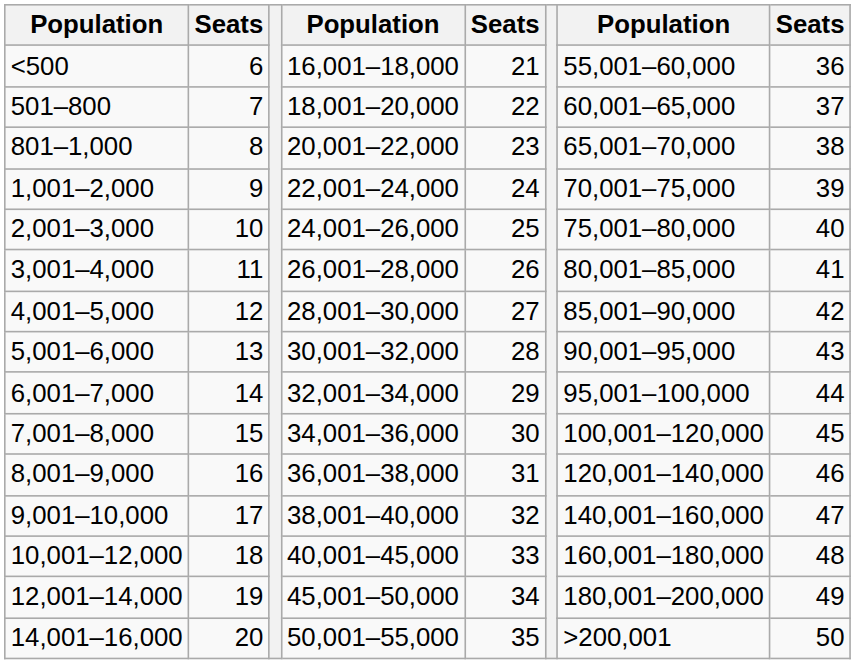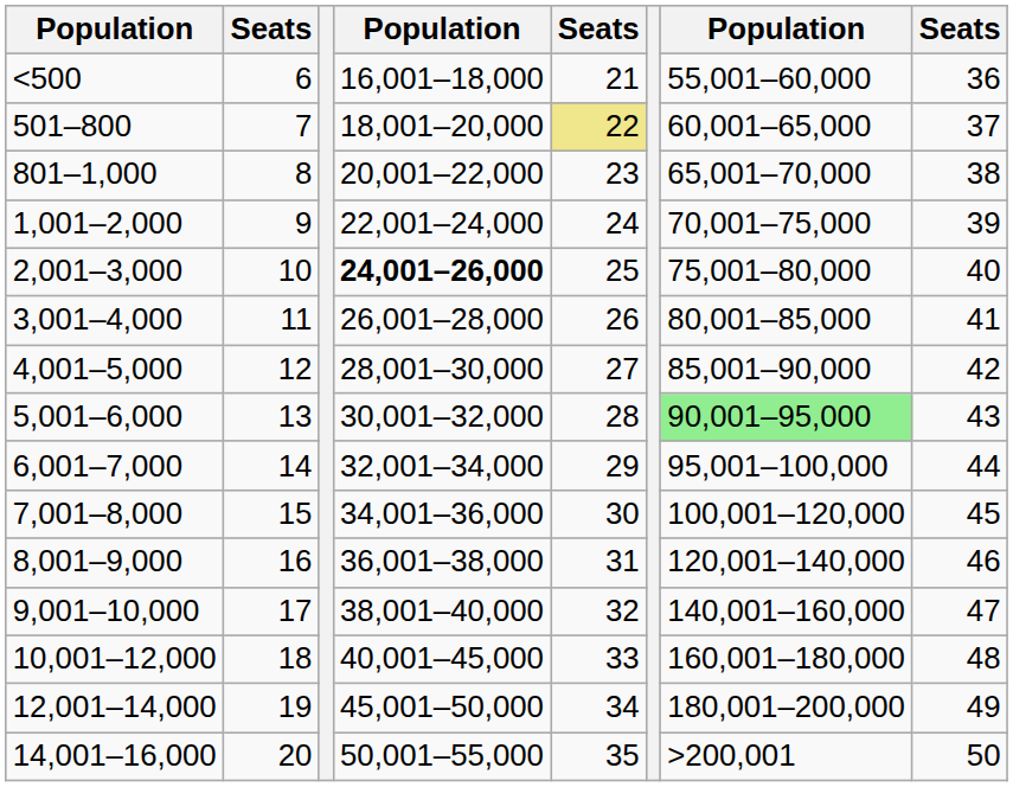 <table class="wikitable">
 <tr>
 <th>Population</th>
 <th>Seats</th>
 <th rowspan = "16"></th>
 <th>Population</th>
 <th>Seats</th>
 <th rowspan = "16"></th>
 <th>Population</th>
 <th>Seats</th>
 </tr>
 <tr>
 <td><500</td>
 <td style="text-align: right;">6</td>
 <td>16,001–18,000</td>
 <td style="text-align: right;">21</td>
 <td>55,001–60,000</td>
 <td style="text-align: right;">36</td>
 </tr>
 <tr>
 <td>501–800</td>
 <td style="text-align: right;">7</td>
 <td>18,001–20,000</td>
-<td style="text-align: right;">22</td>
+<td style="background: khaki; text-align: right;">22</td>
 <td>60,001–65,000</td>
 <td style="text-align: right;">37</td>
 </tr>
 <tr>
 <td>801–1,000</td>
 <td style="text-align: right;">8</td>
 <td>20,001–22,000</td>
 <td style="text-align: right;">23</td>
 <td>65,001–70,000</td>
 <td style="text-align: right;">38</td>
 </tr>
 <tr>
 <td>1,001–2,000</td>
 <td style="text-align: right;">9</td>
 <td>22,001–24,000</td>
 <td style="text-align: right;">24</td>
 <td>70,001–75,000</td>
 <td style="text-align: right;">39</td>
 </tr>
 <tr>
 <td>2,001–3,000</td>
 <td style="text-align: right;">10</td>
-<td>24,001–26,000</td>
+<td><strong>24,001–26,000</strong></td>
 <td style="text-align: right;">25</td>
 <td>75,001–80,000</td>
 <td style="text-align: right;">40</td>
 </tr>
 <tr>
 <td>3,001–4,000</td>
 <td style="text-align: right;">11</td>
 <td>26,001–28,000</td>
 <td style="text-align: right;">26</td>
 <td>80,001–85,000</td>
 <td style="text-align: right;">41</td>
 </tr>
 <tr>
 <td>4,001–5,000</td>
 <td style="text-align: right;">12</td>
 <td>28,001–30,000</td>
 <td style="text-align: right;">27</td>
 <td>85,001–90,000</td>
 <td style="text-align: right;">42</td>
 </tr>
 <tr>
 <td>5,001–6,000</td>
 <td style="text-align: right;">13</td>
 <td>30,001–32,000</td>
 <td style="text-align: right;">28</td>
-<td>90,001–95,000</td>
+<td style="background: lightgreen;">90,001–95,000</td>
 <td style="text-align: right;">43</td>
 </tr>
 <tr>
 <td>6,001–7,000</td>
 <td style="text-align: right;">14</td>
 <td>32,001–34,000</td>
 <td style="text-align: right;">29</td>
 <td>95,001–100,000</td>
 <td style="text-align: right;">44</td>
 </tr>
 <tr>
 <td>7,001–8,000</td>
 <td style="text-align: right;">15</td>
 <td>34,001–36,000</td>
 <td style="text-align: right;">30</td>
 <td>100,001–120,000</td>
 <td style="text-align: right;">45</td>
 </tr>
 <tr>
 <td>8,001–9,000</td>
 <td style="text-align: right;">16</td>
 <td>36,001–38,000</td>
 <td style="text-align: right;">31</td>
 <td>120,001–140,000</td>
 <td style="text-align: right;">46</td>
 </tr>
 <tr>
 <td>9,001–10,000</td>
 <td style="text-align: right;">17</td>
 <td>38,001–40,000</td>
 <td style="text-align: right;">32</td>
 <td>140,001–160,000</td>
 <td style="text-align: right;">47</td>
 </tr>
 <tr>
 <td>10,001–12,000</td>
 <td style="text-align: right;">18</td>
 <td>40,001–45,000</td>
 <td style="text-align: right;">33</td>
 <td>160,001–180,000</td>
 <td style="text-align: right;">48</td>
 </tr>
 <tr>
 <td>12,001–14,000</td>
 <td style="text-align: right;">19</td>
 <td>45,001–50,000</td>
 <td style="text-align: right;">34</td>
 <td>180,001–200,000</td>
 <td style="text-align: right;">49</td>
 </tr>
 <tr>
 <td>14,001–16,000</td>
 <td style="text-align: right;">20</td>
 <td>50,001–55,000</td>
 <td style="text-align: right;">35</td>
 <td>>200,001</td>
 <td style="text-align: right;">50</td>
 </tr>
 </table>
